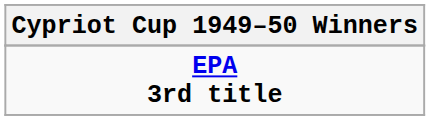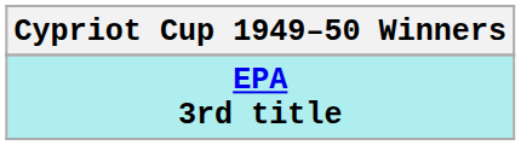 <table class="wikitable" style="text-align:center;margin: 0 auto;">
 <tr>
 <th>Cypriot Cup 1949–50 Winners</th>
 </tr>
 <tr>
 </tr>
 <tr>
-<td><strong><a href='#'>EPA</a></strong><br><strong>3rd title</strong></td>
+<td style="background: paleturquoise;"><strong><a href='#'>EPA</a></strong><br><strong>3rd title</strong></td>
 </tr>
 </table>
